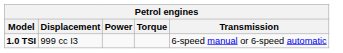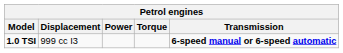 <table class="wikitable" style="text-align:left; font-size:90%;">
 <tr>
 <th colspan="5">Petrol engines</th>
 </tr>
 <tr>
 <th>Model</th>
 <th>Displacement</th>
 <th>Power</th>
 <th>Torque</th>
 <th>Transmission</th>
 </tr>
 <tr>
 <td><strong>1.0 TSI</strong></td>
 <td>999 cc I3</td>
 <td></td>
 <td></td>
-<td>6-speed <a href='#'>manual</a> or 6-speed <a href='#'>automatic</a></td>
+<td><strong>6-speed <a href='#'>manual</a> or 6-speed <a href='#'>automatic</a></strong></td>
 </tr>
 </table>
